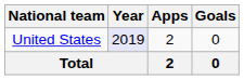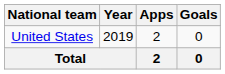 <table class="wikitable" style="text-align:center">
 <tr>
 <th>National team</th>
 <th>Year</th>
 <th>Apps</th>
 <th>Goals</th>
 </tr>
 <tr>
 <td><a href='#'>United States</a></td>
-<td style="background: lavender;">2019</td>
+<td>2019</td>
 <td>2</td>
 <td>0</td>
 </tr>
 <tr>
 <th colspan="2">Total</th>
 <th>2</th>
 <th>0</th>
 </tr>
 </table>
